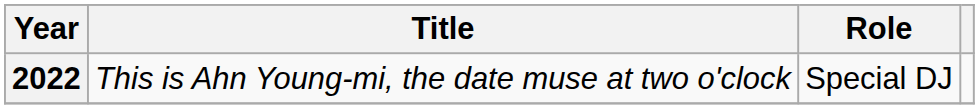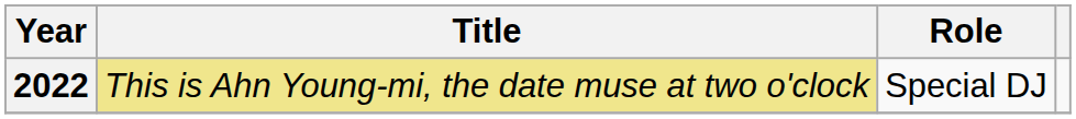 <table class="wikitable  plainrowheaders">
 <tr>
 <th scope="col">Year</th>
 <th scope="col">Title</th>
 <th scope="col">Role</th>
 <th scope="col" class="unsortable"></th>
 </tr>
 <tr>
 <th scope="row">2022</th>
-<td><em>This is Ahn Young-mi, the date muse at two o'clock</em></td>
+<td style="background: khaki;"><em>This is Ahn Young-mi, the date muse at two o'clock</em></td>
 <td>Special DJ</td>
 <td></td>
 </tr>
 <tr>
 </tr>
 </table>
